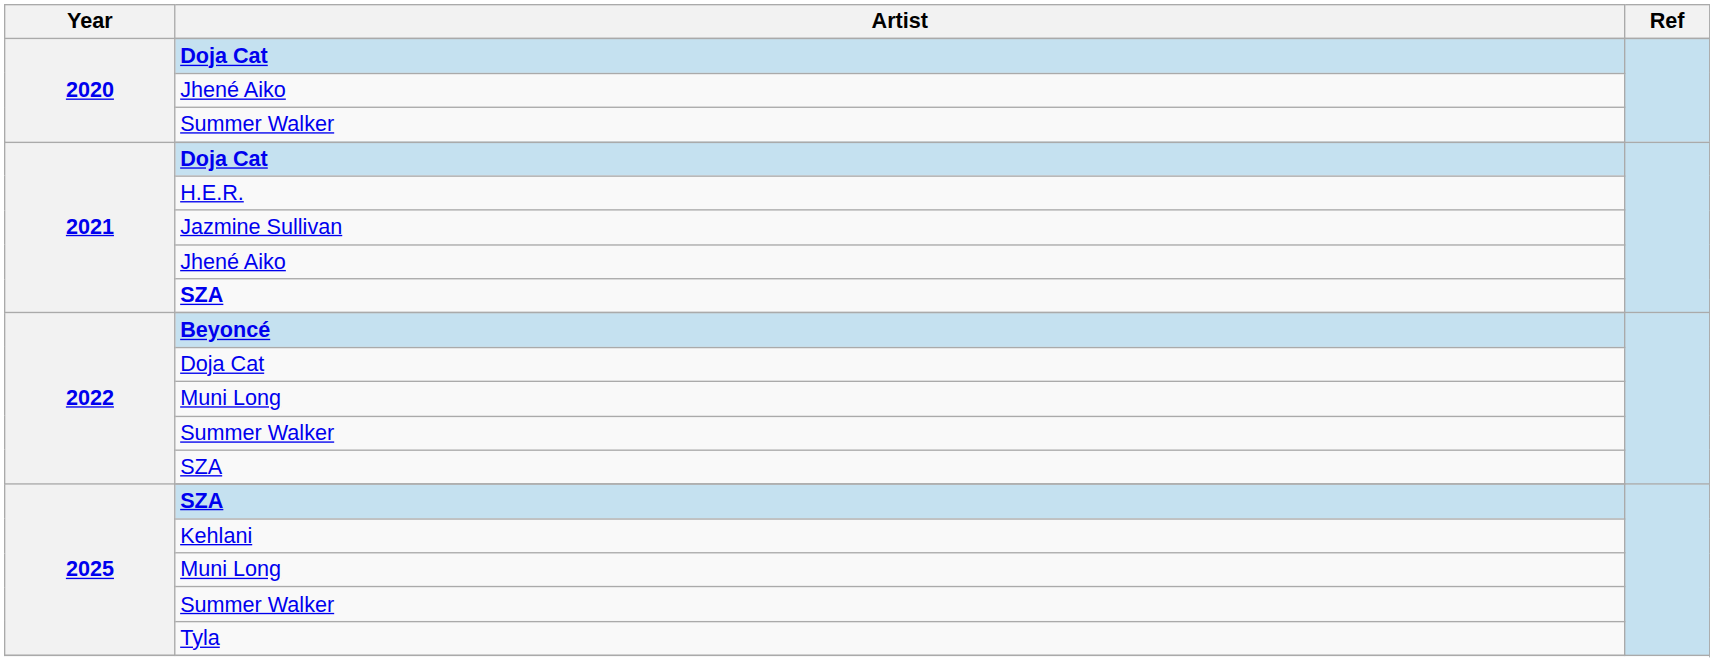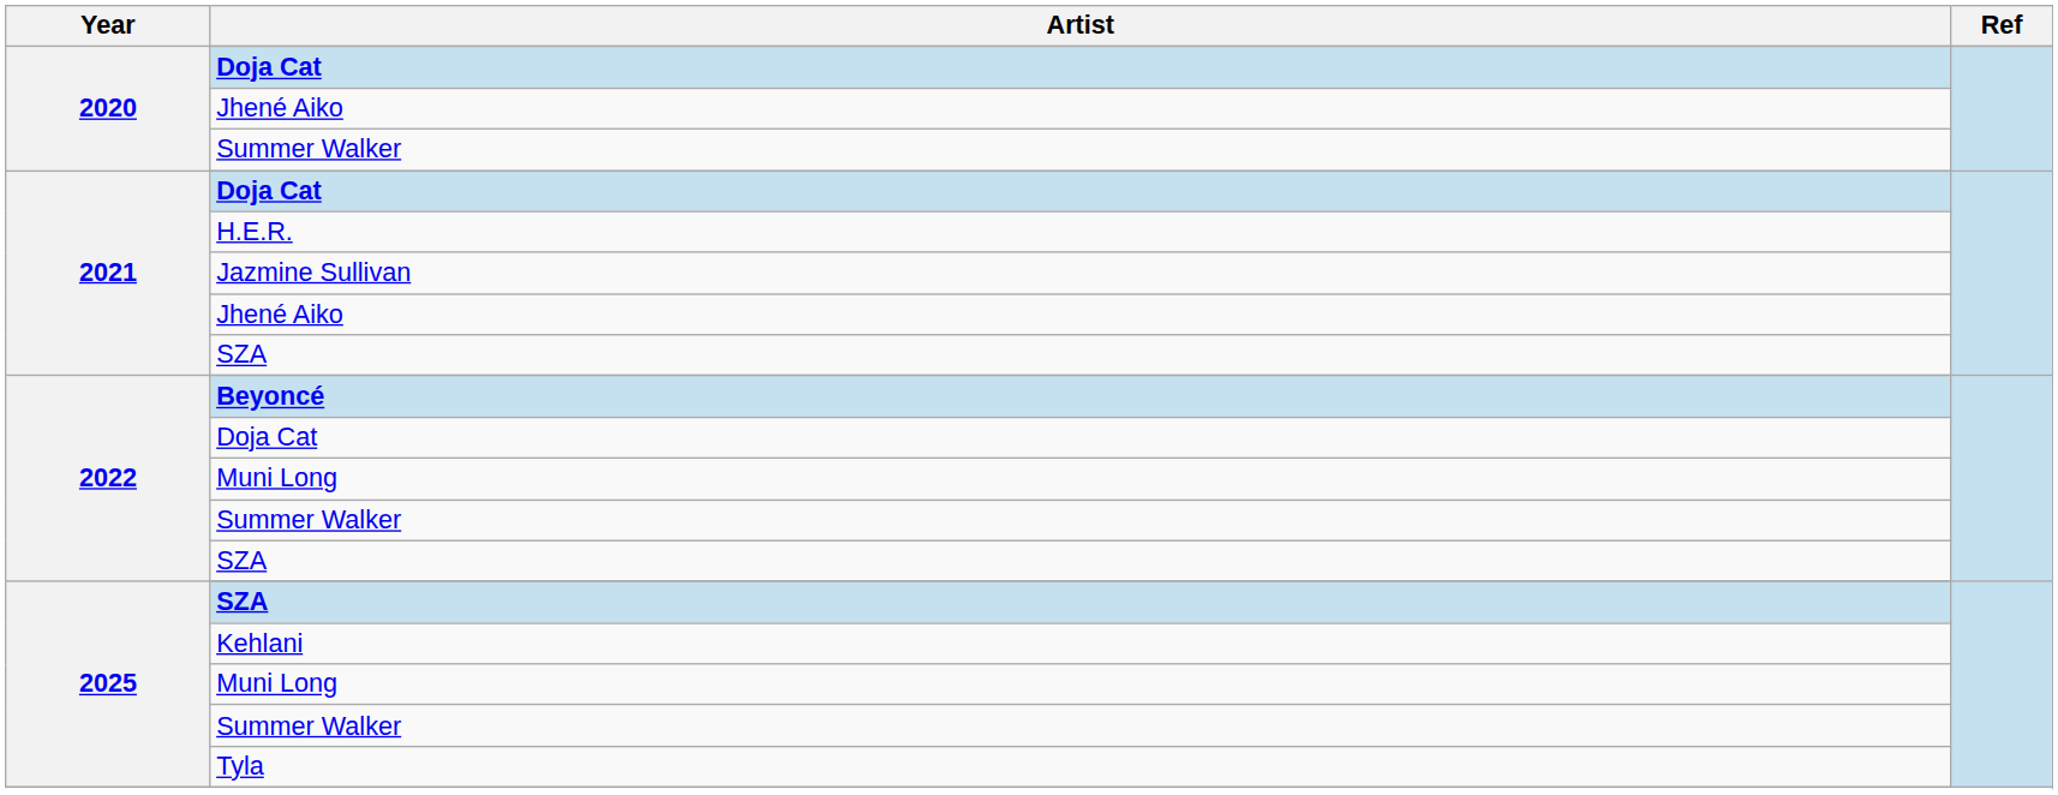 <table class="wikitable" width="100%">
 <tr>
 <th width="10%">Year</th>
 <th width="85%">Artist</th>
 <th width="5%">Ref</th>
 </tr>
 <tr>
 <th rowspan="4" align="center"><a href='#'>2020<br></a></th>
 </tr>
 <tr style="background:#c5e1f0">
 <td><strong><a href='#'>Doja Cat</a></strong></td>
 <td rowspan="4" align="center"></td>
 </tr>
 <tr>
 <td><a href='#'>Jhené Aiko</a></td>
 </tr>
 <tr>
 <td><a href='#'>Summer Walker</a></td>
 </tr>
 <tr>
 <th rowspan="6" align="center"><a href='#'>2021<br></a></th>
 </tr>
 <tr style="background:#c5e1f0">
 <td><strong><a href='#'>Doja Cat</a></strong></td>
 <td rowspan="6" align="center"></td>
 </tr>
 <tr>
 <td><a href='#'>H.E.R.</a></td>
 </tr>
 <tr>
 <td><a href='#'>Jazmine Sullivan</a></td>
 </tr>
 <tr>
 <td><a href='#'>Jhené Aiko</a></td>
 </tr>
 <tr>
-<td><strong><a href='#'>SZA</a></strong></td>
+<td><a href='#'>SZA</a></td>
 </tr>
 <tr>
 <th rowspan="6" align="center"><a href='#'>2022<br></a></th>
 </tr>
 <tr style="background:#c5e1f0">
 <td><strong><a href='#'>Beyoncé</a></strong></td>
 <td rowspan="6" align="center"></td>
 </tr>
 <tr>
 <td><a href='#'>Doja Cat</a></td>
 </tr>
 <tr>
 <td><a href='#'>Muni Long</a></td>
 </tr>
 <tr>
 <td><a href='#'>Summer Walker</a></td>
 </tr>
 <tr>
 <td><a href='#'>SZA</a></td>
 </tr>
 <tr>
 <th rowspan="6" align="center"><a href='#'>2025<br></a></th>
 </tr>
 <tr style="background:#c5e1f0">
 <td><strong><a href='#'>SZA</a></strong></td>
 <td rowspan="6" align="center"></td>
 </tr>
 <tr>
 <td><a href='#'>Kehlani</a></td>
 </tr>
 <tr>
 <td><a href='#'>Muni Long</a></td>
 </tr>
 <tr>
 <td><a href='#'>Summer Walker</a></td>
 </tr>
 <tr>
 <td><a href='#'>Tyla</a></td>
 </tr>
 <tr>
 </tr>
 </table>
